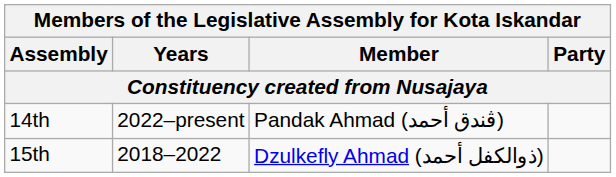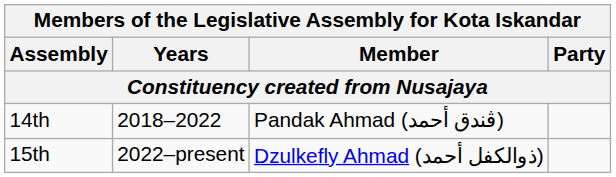 <table class="wikitable">
 <tr>
 <th colspan="4">Members of the Legislative Assembly for Kota Iskandar</th>
 </tr>
 <tr>
 <th>Assembly</th>
 <th>Years</th>
 <th>Member</th>
 <th>Party</th>
 </tr>
 <tr>
 <th colspan="4"><em>Constituency created from Nusajaya</em></th>
 </tr>
 <tr>
 <td>14th</td>
-<td>2022–present</td>
+<td>2018–2022</td>
 <td>Pandak Ahmad (ڨندق أحمد)</td>
 <td></td>
 </tr>
 <tr>
 <td>15th</td>
-<td>2018–2022</td>
+<td>2022–present</td>
 <td><a href='#'>Dzulkefly Ahmad</a> (ذوالكفل أحمد)</td>
 <td></td>
 </tr>
 </table>
